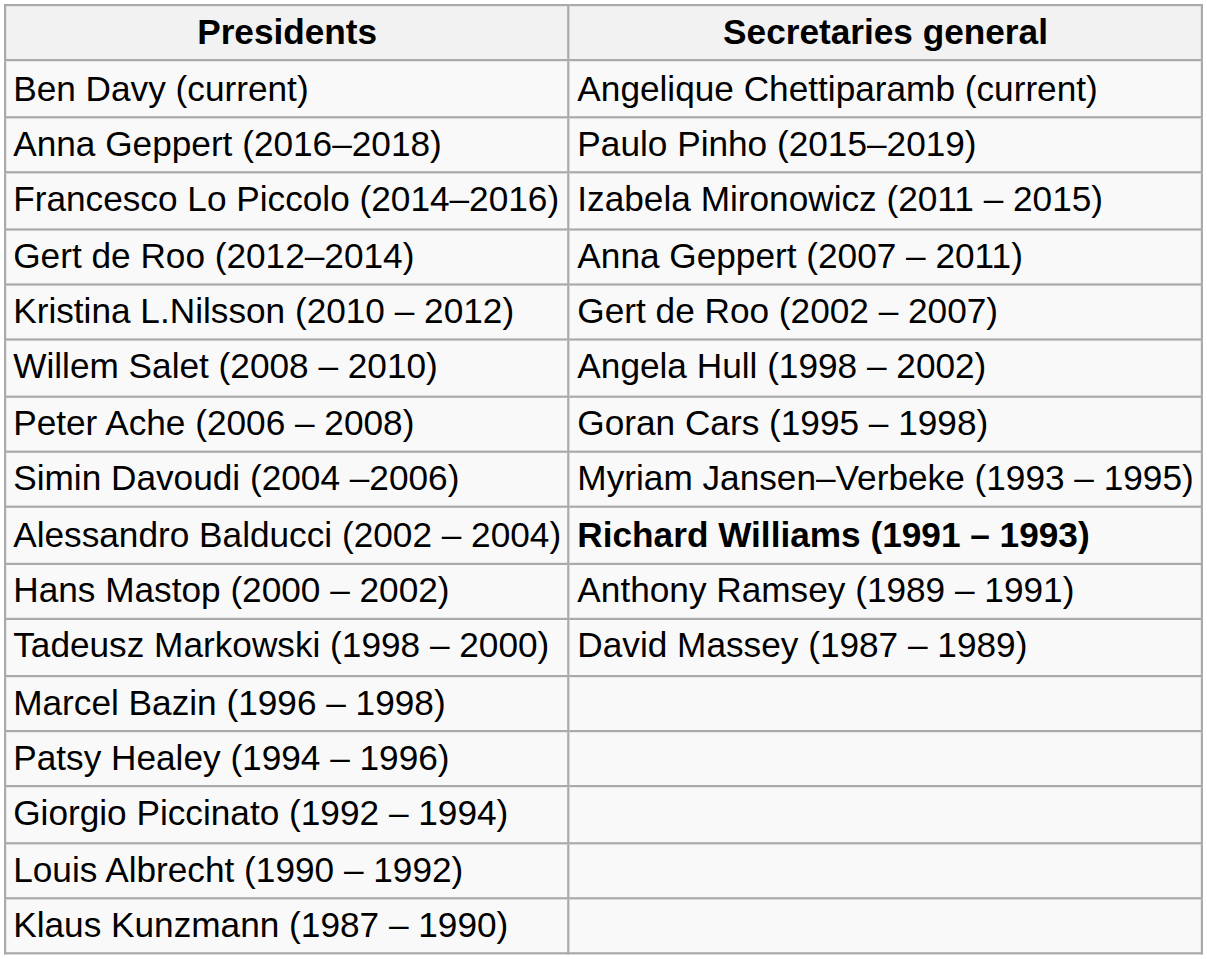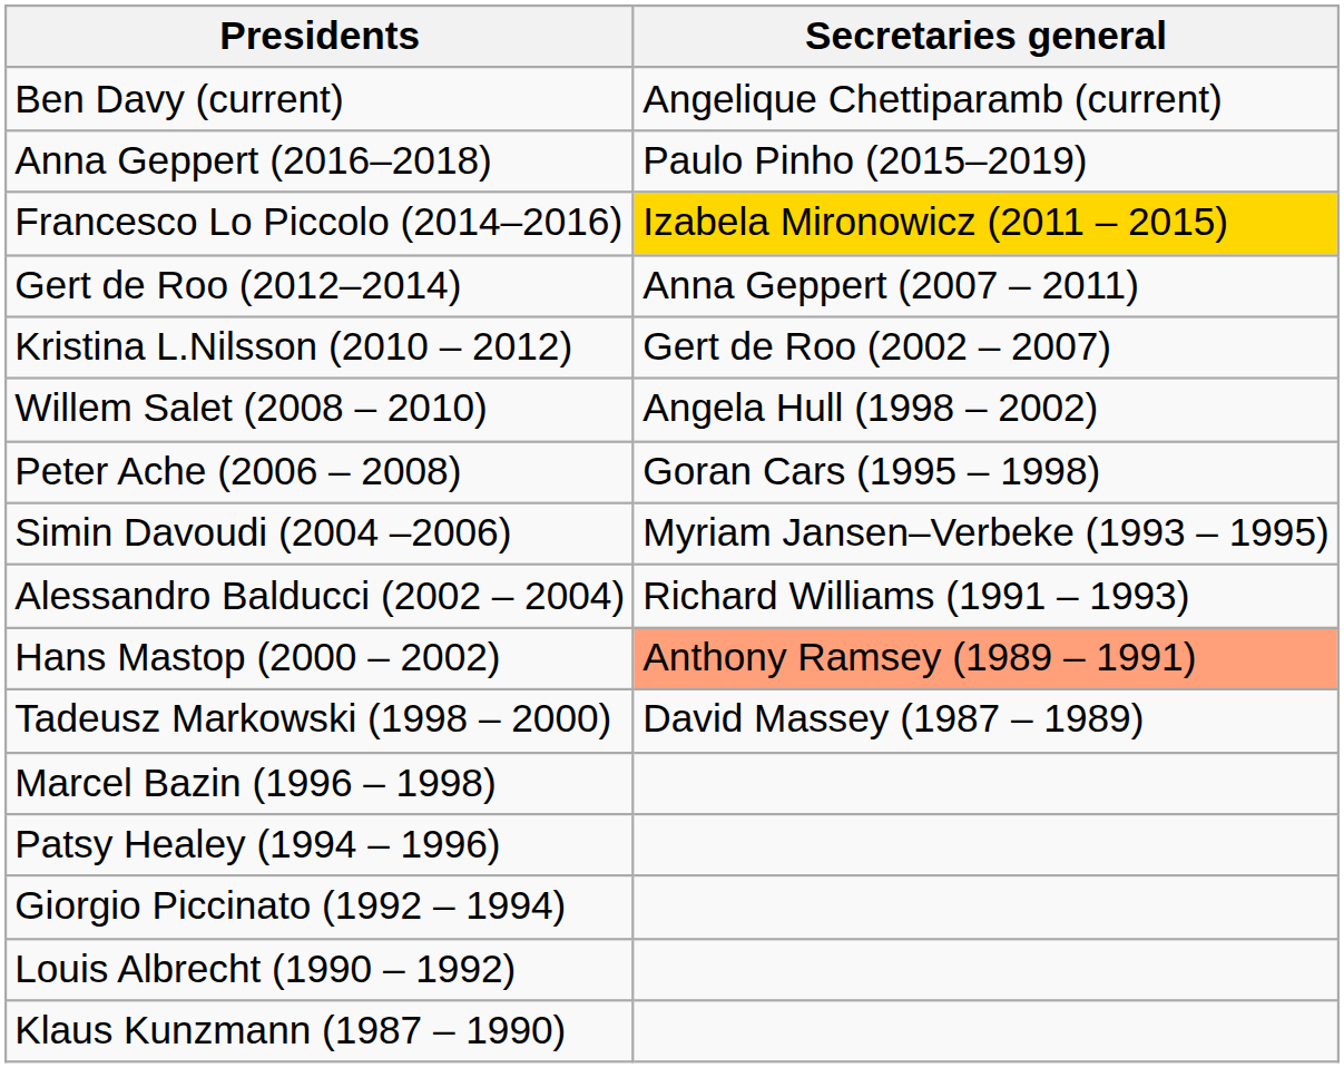 <table class="wikitable">
 <tr>
 <th>Presidents</th>
 <th>Secretaries general</th>
 </tr>
 <tr>
 <td>Ben Davy (current)</td>
 <td>Angelique Chettiparamb (current)</td>
 </tr>
 <tr>
 <td>Anna Geppert (2016–2018)</td>
 <td>Paulo Pinho (2015–2019)</td>
 </tr>
 <tr>
 <td>Francesco Lo Piccolo (2014–2016)</td>
-<td>Izabela Mironowicz (2011 – 2015)</td>
+<td style="background: gold;">Izabela Mironowicz (2011 – 2015)</td>
 </tr>
 <tr>
 <td>Gert de Roo (2012–2014)</td>
 <td>Anna Geppert (2007 – 2011)</td>
 </tr>
 <tr>
 <td>Kristina L.Nilsson (2010 – 2012)</td>
 <td>Gert de Roo (2002 – 2007)</td>
 </tr>
 <tr>
 <td>Willem Salet (2008 – 2010)</td>
 <td>Angela Hull (1998 – 2002)</td>
 </tr>
 <tr>
 <td>Peter Ache (2006 – 2008)</td>
 <td>Goran Cars (1995 – 1998)</td>
 </tr>
 <tr>
 <td>Simin Davoudi (2004 –2006)</td>
 <td>Myriam Jansen–Verbeke (1993 – 1995)</td>
 </tr>
 <tr>
 <td>Alessandro Balducci (2002 – 2004)</td>
-<td><strong>Richard Williams (1991 – 1993)</strong></td>
+<td>Richard Williams (1991 – 1993)</td>
 </tr>
 <tr>
 <td>Hans Mastop (2000 – 2002)</td>
-<td>Anthony Ramsey (1989 – 1991)</td>
+<td style="background: lightsalmon;">Anthony Ramsey (1989 – 1991)</td>
 </tr>
 <tr>
 <td>Tadeusz Markowski (1998 – 2000)</td>
 <td>David Massey (1987 – 1989)</td>
 </tr>
 <tr>
 <td>Marcel Bazin (1996 – 1998)</td>
 <td></td>
 </tr>
 <tr>
 <td>Patsy Healey (1994 – 1996)</td>
 <td></td>
 </tr>
 <tr>
 <td>Giorgio Piccinato (1992 – 1994)</td>
 <td></td>
 </tr>
 <tr>
 <td>Louis Albrecht (1990 – 1992)</td>
 <td></td>
 </tr>
 <tr>
 <td>Klaus Kunzmann (1987 – 1990)</td>
 <td></td>
 </tr>
 </table>
